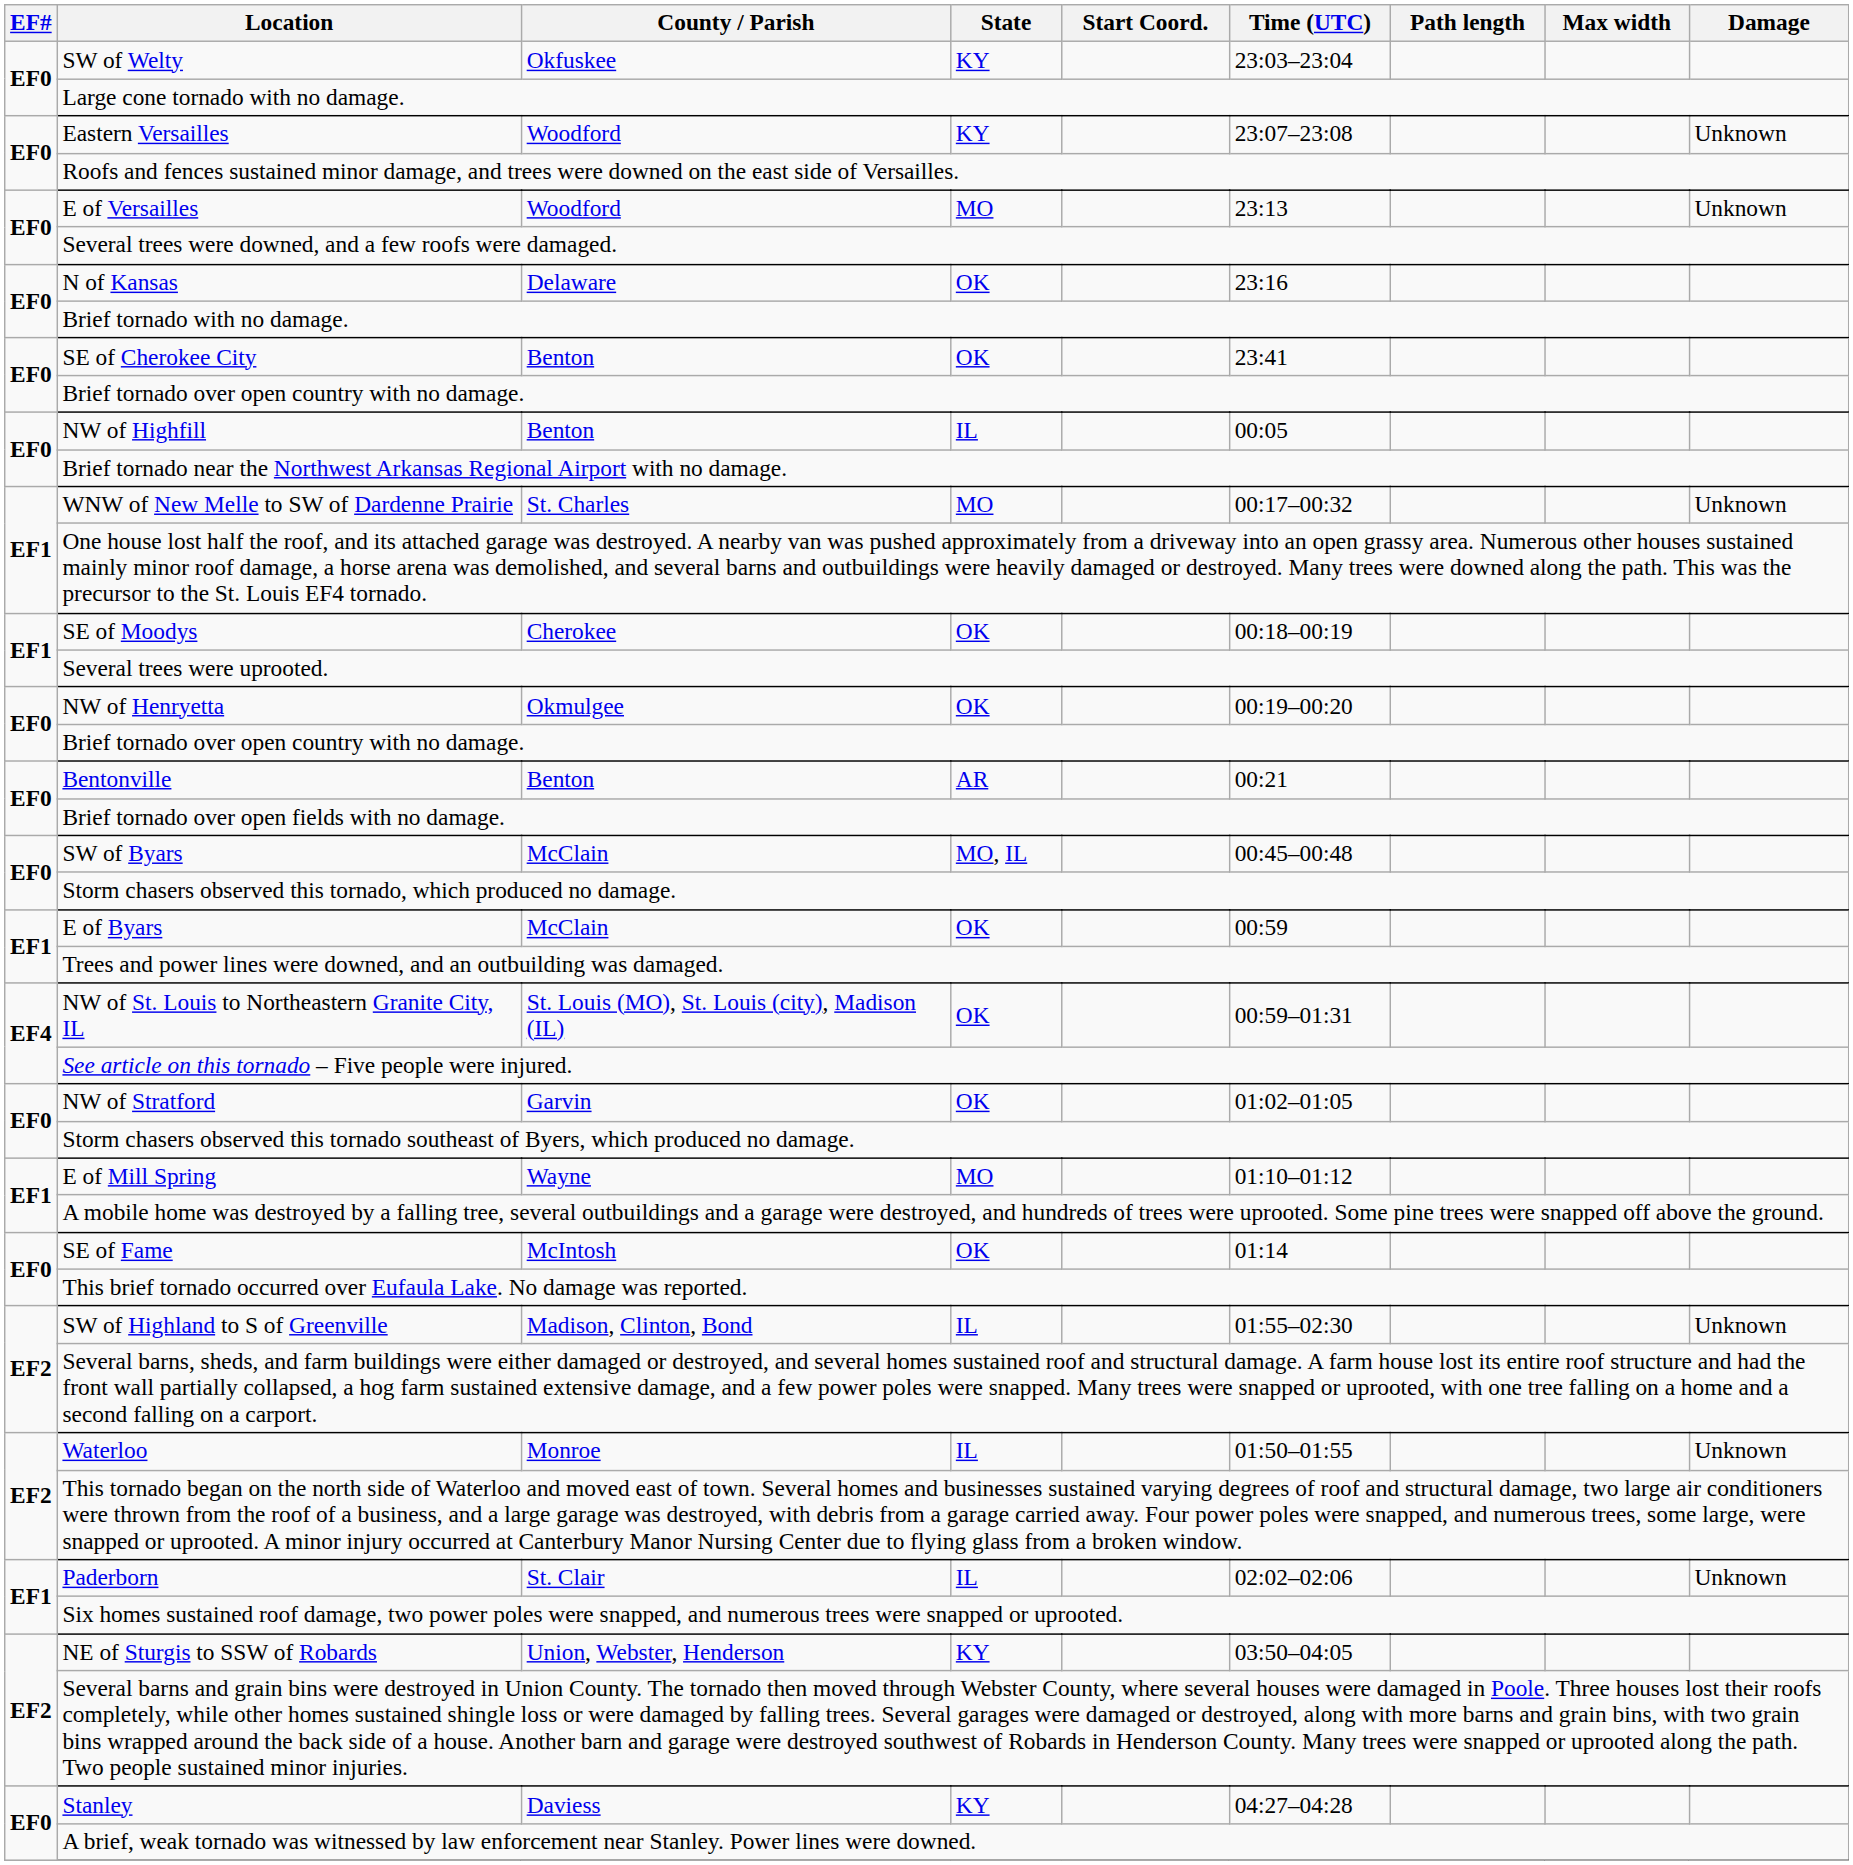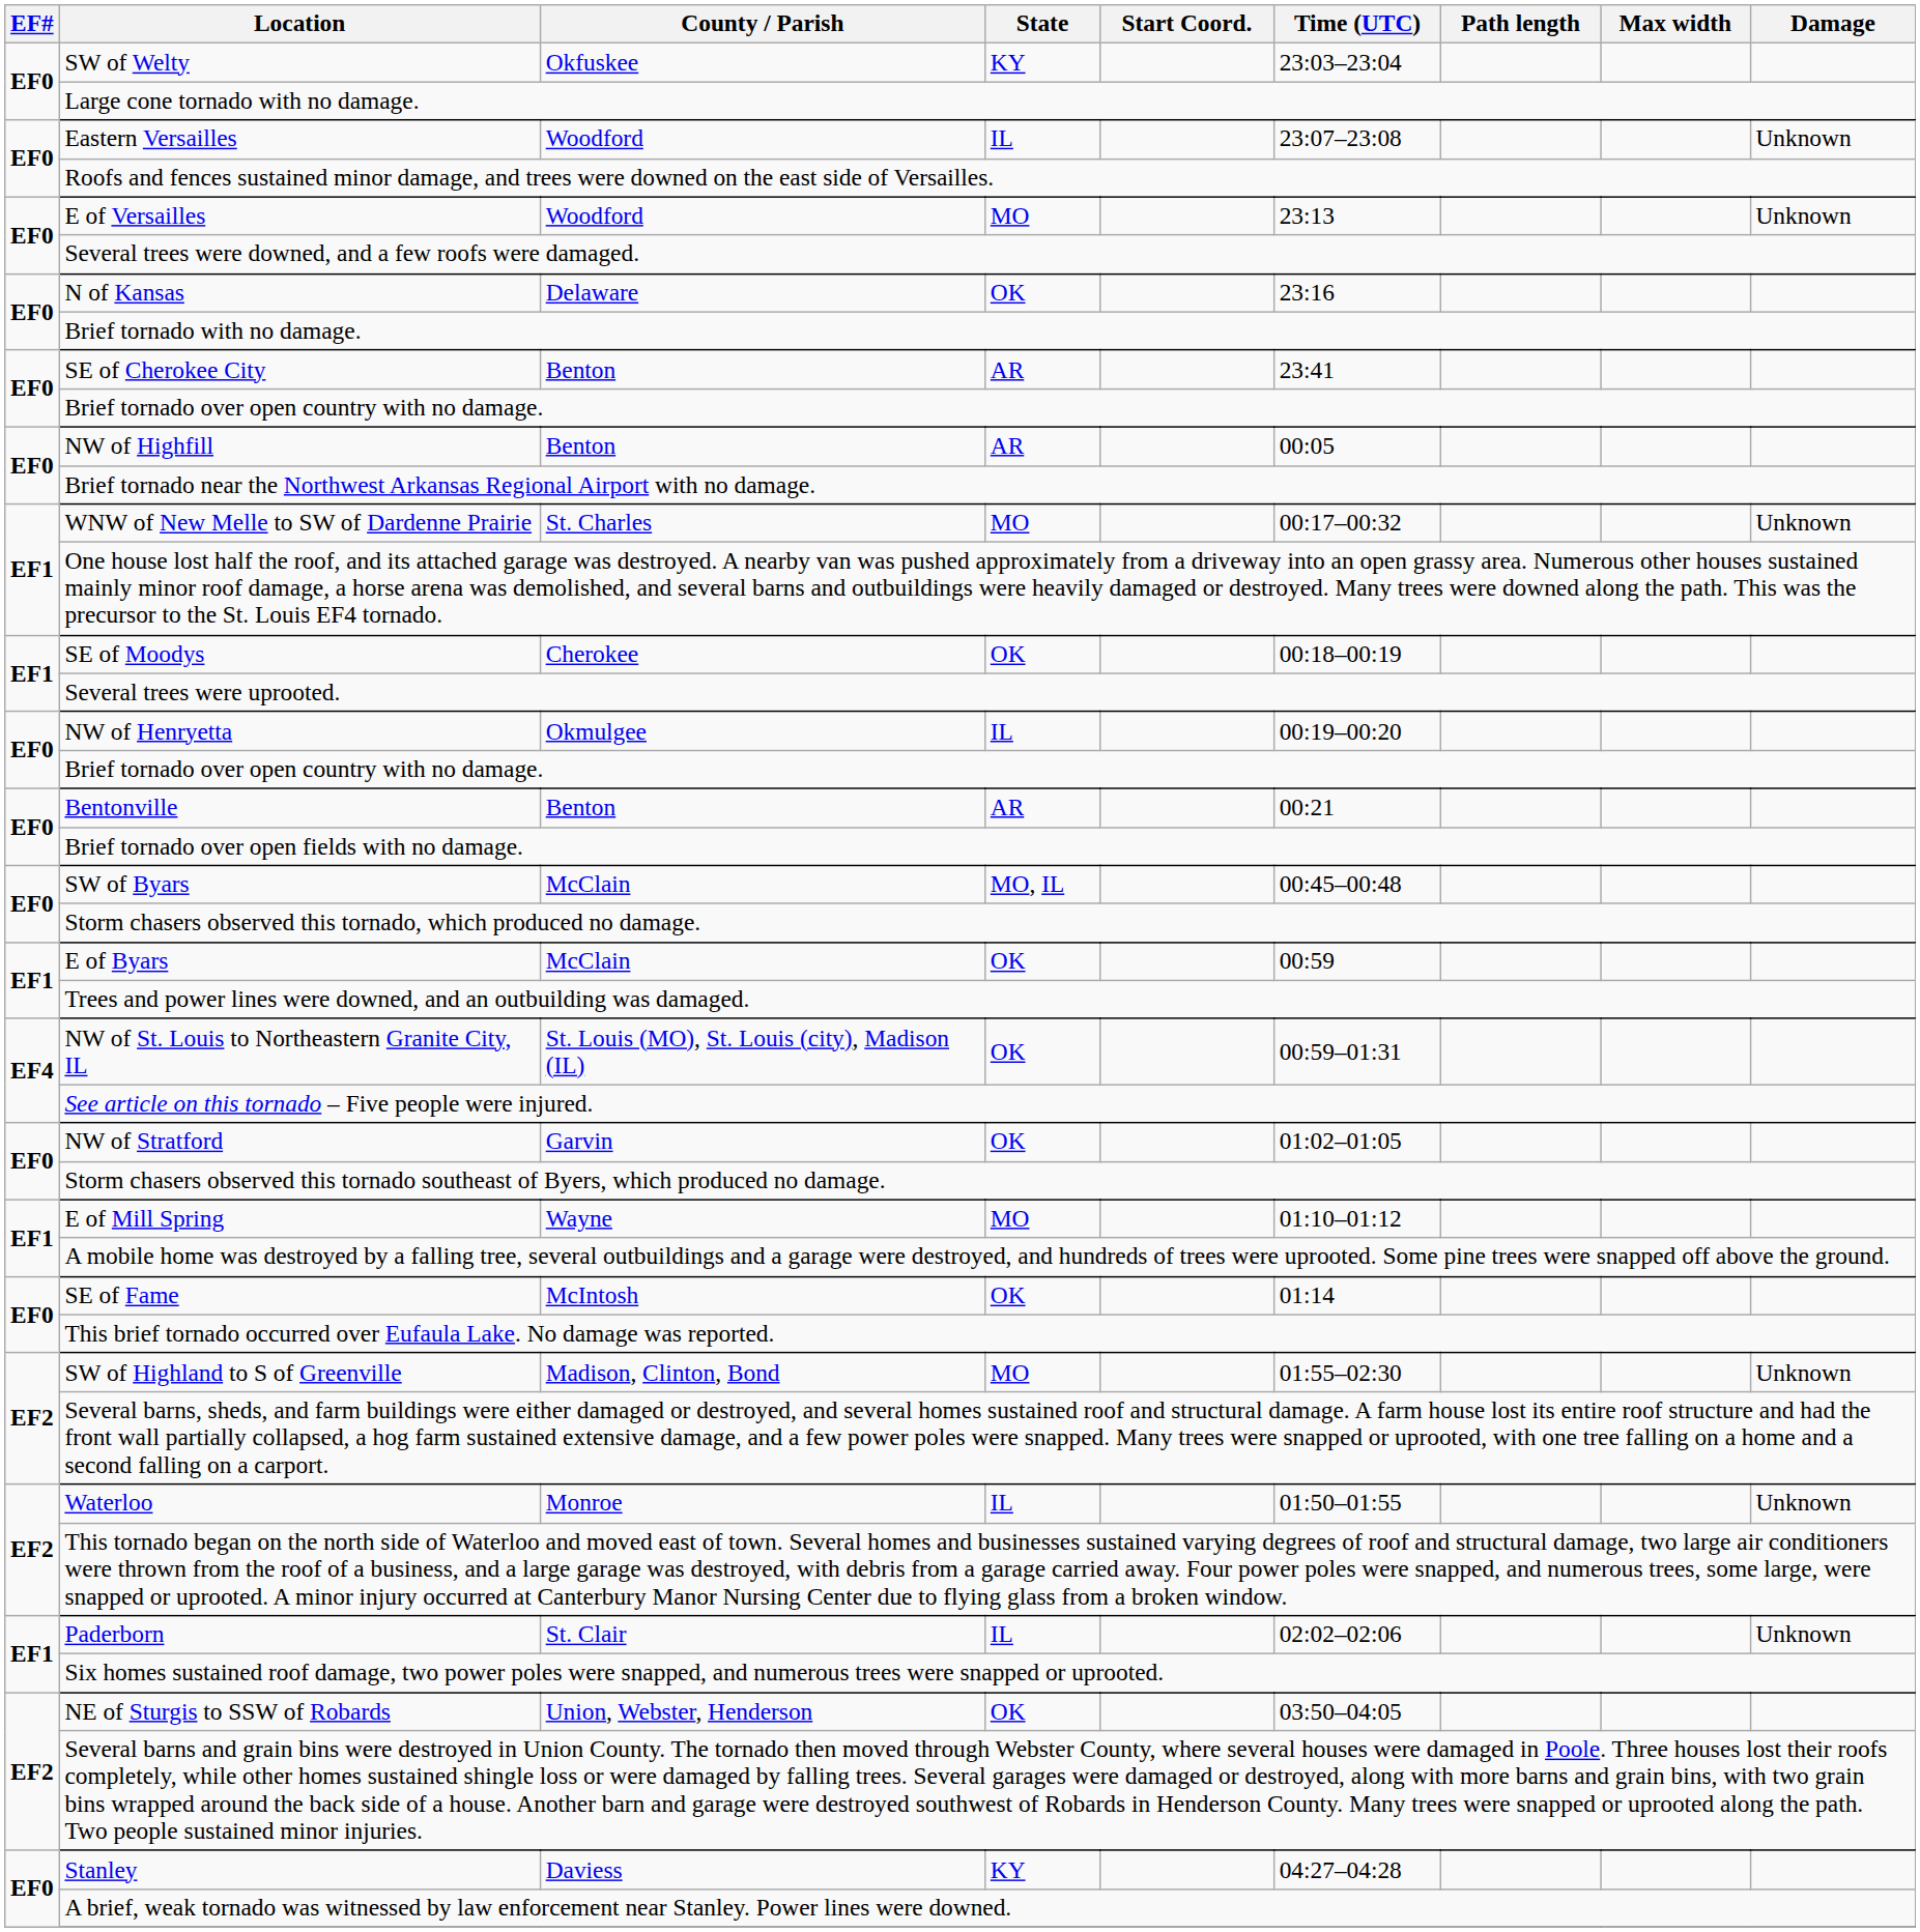 <table class="wikitable sortable" style="width:100%;">
 <tr>
 <th scope="col" width="2%" align="center"><a href='#'>EF#</a></th>
 <th scope="col" align="center" class="unsortable">Location</th>
 <th scope="col" align="center" class="unsortable">County / Parish</th>
 <th scope="col" align="center">State</th>
 <th scope="col" align="center" data-sort-type="number">Start Coord.</th>
 <th scope="col" align="center" data-sort-type="number">Time (<a href='#'>UTC</a>)</th>
 <th scope="col" align="center" data-sort-type="number">Path length</th>
 <th scope="col" align="center" data-sort-type="number">Max width</th>
 <th scope="col" align="center" data-sort-type="number">Damage<br></th>
 </tr>
 <tr>
 <td rowspan="2" align="center"><strong>EF0</strong></td>
 <td>SW of <a href='#'>Welty</a></td>
 <td><a href='#'>Okfuskee</a></td>
 <td><a href='#'>KY</a></td>
 <td></td>
 <td>23:03–23:04</td>
 <td></td>
 <td></td>
 <td></td>
 </tr>
 <tr class="expand-child">
 <td colspan="8" style=" border-bottom: 1px solid black;">Large cone tornado with no damage.</td>
 </tr>
 <tr>
 <td rowspan="2" align="center"><strong>EF0</strong></td>
 <td>Eastern <a href='#'>Versailles</a></td>
 <td><a href='#'>Woodford</a></td>
-<td><a href='#'>KY</a></td>
+<td><a href='#'>IL</a></td>
 <td></td>
 <td>23:07–23:08</td>
 <td></td>
 <td></td>
 <td>Unknown</td>
 </tr>
 <tr class="expand-child">
 <td colspan="8" style=" border-bottom: 1px solid black;">Roofs and fences sustained minor damage, and trees were downed on the east side of Versailles.</td>
 </tr>
 <tr>
 <td rowspan="2" align="center"><strong>EF0</strong></td>
 <td>E of <a href='#'>Versailles</a></td>
 <td><a href='#'>Woodford</a></td>
 <td><a href='#'>MO</a></td>
 <td></td>
 <td>23:13</td>
 <td></td>
 <td></td>
 <td>Unknown</td>
 </tr>
 <tr class="expand-child">
 <td colspan="8" style=" border-bottom: 1px solid black;">Several trees were downed, and a few roofs were damaged.</td>
 </tr>
 <tr>
 <td rowspan="2" align="center"><strong>EF0</strong></td>
 <td>N of <a href='#'>Kansas</a></td>
 <td><a href='#'>Delaware</a></td>
 <td><a href='#'>OK</a></td>
 <td></td>
 <td>23:16</td>
 <td></td>
 <td></td>
 <td></td>
 </tr>
 <tr class="expand-child">
 <td colspan="8" style=" border-bottom: 1px solid black;">Brief tornado with no damage.</td>
 </tr>
 <tr>
 <td rowspan="2" align="center"><strong>EF0</strong></td>
 <td>SE of <a href='#'>Cherokee City</a></td>
 <td><a href='#'>Benton</a></td>
-<td><a href='#'>OK</a></td>
+<td><a href='#'>AR</a></td>
 <td></td>
 <td>23:41</td>
 <td></td>
 <td></td>
 <td></td>
 </tr>
 <tr class="expand-child">
 <td colspan="8" style=" border-bottom: 1px solid black;">Brief tornado over open country with no damage.</td>
 </tr>
 <tr>
 <td rowspan="2" align="center"><strong>EF0</strong></td>
 <td>NW of <a href='#'>Highfill</a></td>
 <td><a href='#'>Benton</a></td>
-<td><a href='#'>IL</a></td>
+<td><a href='#'>AR</a></td>
 <td></td>
 <td>00:05</td>
 <td></td>
 <td></td>
 <td></td>
 </tr>
 <tr class="expand-child">
 <td colspan="8" style=" border-bottom: 1px solid black;">Brief tornado near the <a href='#'>Northwest Arkansas Regional Airport</a> with no damage.</td>
 </tr>
 <tr>
 <td rowspan="2" align="center"><strong>EF1</strong></td>
 <td>WNW of <a href='#'>New Melle</a> to SW of <a href='#'>Dardenne Prairie</a></td>
 <td><a href='#'>St. Charles</a></td>
 <td><a href='#'>MO</a></td>
 <td></td>
 <td>00:17–00:32</td>
 <td></td>
 <td></td>
 <td>Unknown</td>
 </tr>
 <tr class="expand-child">
 <td colspan="8" style=" border-bottom: 1px solid black;">One house lost half the roof, and its attached garage was destroyed. A nearby van was pushed approximately  from a driveway into an open grassy area. Numerous other houses sustained mainly minor roof damage, a horse arena was demolished, and several barns and outbuildings were heavily damaged or destroyed. Many trees were downed along the path. This was the precursor to the St. Louis EF4 tornado.</td>
 </tr>
 <tr>
 <td rowspan="2" align="center"><strong>EF1</strong></td>
 <td>SE of <a href='#'>Moodys</a></td>
 <td><a href='#'>Cherokee</a></td>
 <td><a href='#'>OK</a></td>
 <td></td>
 <td>00:18–00:19</td>
 <td></td>
 <td></td>
 <td></td>
 </tr>
 <tr class="expand-child">
 <td colspan="8" style=" border-bottom: 1px solid black;">Several trees were uprooted.</td>
 </tr>
 <tr>
 <td rowspan="2" align="center"><strong>EF0</strong></td>
 <td>NW of <a href='#'>Henryetta</a></td>
 <td><a href='#'>Okmulgee</a></td>
-<td><a href='#'>OK</a></td>
+<td><a href='#'>IL</a></td>
 <td></td>
 <td>00:19–00:20</td>
 <td></td>
 <td></td>
 <td></td>
 </tr>
 <tr class="expand-child">
 <td colspan="8" style=" border-bottom: 1px solid black;">Brief tornado over open country with no damage.</td>
 </tr>
 <tr>
 <td rowspan="2" align="center"><strong>EF0</strong></td>
 <td><a href='#'>Bentonville</a></td>
 <td><a href='#'>Benton</a></td>
 <td><a href='#'>AR</a></td>
 <td></td>
 <td>00:21</td>
 <td></td>
 <td></td>
 <td></td>
 </tr>
 <tr class="expand-child">
 <td colspan="8" style=" border-bottom: 1px solid black;">Brief tornado over open fields with no damage.</td>
 </tr>
 <tr>
 <td rowspan="2" align="center"><strong>EF0</strong></td>
 <td>SW of <a href='#'>Byars</a></td>
 <td><a href='#'>McClain</a></td>
 <td><a href='#'>MO</a>, <a href='#'>IL</a></td>
 <td></td>
 <td>00:45–00:48</td>
 <td></td>
 <td></td>
 <td></td>
 </tr>
 <tr class="expand-child">
 <td colspan="8" style=" border-bottom: 1px solid black;">Storm chasers observed this tornado, which produced no damage.</td>
 </tr>
 <tr>
 <td rowspan="2" align="center"><strong>EF1</strong></td>
 <td>E of <a href='#'>Byars</a></td>
 <td><a href='#'>McClain</a></td>
 <td><a href='#'>OK</a></td>
 <td></td>
 <td>00:59</td>
 <td></td>
 <td></td>
 <td></td>
 </tr>
 <tr class="expand-child">
 <td colspan="8" style=" border-bottom: 1px solid black;">Trees and power lines were downed, and an outbuilding was damaged.</td>
 </tr>
 <tr>
 <td rowspan="2" align="center"><strong>EF4</strong></td>
 <td>NW of <a href='#'>St. Louis</a> to Northeastern <a href='#'>Granite City, IL</a></td>
 <td><a href='#'>St. Louis (MO)</a>, <a href='#'>St. Louis (city)</a>, <a href='#'>Madison (IL)</a></td>
 <td><a href='#'>OK</a></td>
 <td></td>
 <td>00:59–01:31</td>
 <td></td>
 <td></td>
 <td></td>
 </tr>
 <tr class="expand-child">
 <td colspan="8" style=" border-bottom: 1px solid black;"><em><a href='#'>See article on this tornado</a></em> – Five people were injured.</td>
 </tr>
 <tr>
 <td rowspan="2" align="center"><strong>EF0</strong></td>
 <td>NW of <a href='#'>Stratford</a></td>
 <td><a href='#'>Garvin</a></td>
 <td><a href='#'>OK</a></td>
 <td></td>
 <td>01:02–01:05</td>
 <td></td>
 <td></td>
 <td></td>
 </tr>
 <tr class="expand-child">
 <td colspan="8" style=" border-bottom: 1px solid black;">Storm chasers observed this tornado southeast of Byers, which produced no damage.</td>
 </tr>
 <tr>
 <td rowspan="2" align="center"><strong>EF1</strong></td>
 <td>E of <a href='#'>Mill Spring</a></td>
 <td><a href='#'>Wayne</a></td>
 <td><a href='#'>MO</a></td>
 <td></td>
 <td>01:10–01:12</td>
 <td></td>
 <td></td>
 <td></td>
 </tr>
 <tr class="expand-child">
 <td colspan="8" style=" border-bottom: 1px solid black;">A mobile home was destroyed by a falling tree, several outbuildings and a garage were destroyed, and hundreds of trees were uprooted. Some pine trees were snapped off  above the ground.</td>
 </tr>
 <tr>
 <td rowspan="2" align="center"><strong>EF0</strong></td>
 <td>SE of <a href='#'>Fame</a></td>
 <td><a href='#'>McIntosh</a></td>
 <td><a href='#'>OK</a></td>
 <td></td>
 <td>01:14</td>
 <td></td>
 <td></td>
 <td></td>
 </tr>
 <tr class="expand-child">
 <td colspan="8" style=" border-bottom: 1px solid black;">This brief tornado occurred over <a href='#'>Eufaula Lake</a>. No damage was reported.</td>
 </tr>
 <tr>
 <td rowspan="2" align="center"><strong>EF2</strong></td>
 <td>SW of <a href='#'>Highland</a> to S of <a href='#'>Greenville</a></td>
 <td><a href='#'>Madison</a>, <a href='#'>Clinton</a>, <a href='#'>Bond</a></td>
-<td><a href='#'>IL</a></td>
+<td><a href='#'>MO</a></td>
 <td></td>
 <td>01:55–02:30</td>
 <td></td>
 <td></td>
 <td>Unknown</td>
 </tr>
 <tr class="expand-child">
 <td colspan="8" style=" border-bottom: 1px solid black;">Several barns, sheds, and farm buildings were either damaged or destroyed, and several homes sustained roof and structural damage. A farm house lost its entire roof structure and had the front wall partially collapsed, a hog farm sustained extensive damage, and a few power poles were snapped. Many trees were snapped or uprooted, with one tree falling on a home and a second falling on a carport.</td>
 </tr>
 <tr>
 <td rowspan="2" align="center"><strong>EF2</strong></td>
 <td><a href='#'>Waterloo</a></td>
 <td><a href='#'>Monroe</a></td>
 <td><a href='#'>IL</a></td>
 <td></td>
 <td>01:50–01:55</td>
 <td></td>
 <td></td>
 <td>Unknown</td>
 </tr>
 <tr class="expand-child">
 <td colspan="8" style=" border-bottom: 1px solid black;">This tornado began on the north side of Waterloo and moved east of town. Several homes and businesses sustained varying degrees of roof and structural damage, two large air conditioners were thrown  from the roof of a business, and a large garage was destroyed, with debris from a garage carried  away. Four power poles were snapped, and numerous trees, some large, were snapped or uprooted. A minor injury occurred at Canterbury Manor Nursing Center due to flying glass from a broken window.</td>
 </tr>
 <tr>
 <td rowspan="2" align="center"><strong>EF1</strong></td>
 <td><a href='#'>Paderborn</a></td>
 <td><a href='#'>St. Clair</a></td>
 <td><a href='#'>IL</a></td>
 <td></td>
 <td>02:02–02:06</td>
 <td></td>
 <td></td>
 <td>Unknown</td>
 </tr>
 <tr class="expand-child">
 <td colspan="8" style=" border-bottom: 1px solid black;">Six homes sustained roof damage, two power poles were snapped, and numerous trees were snapped or uprooted.</td>
 </tr>
 <tr>
 <td rowspan="2" align="center"><strong>EF2</strong></td>
 <td>NE of <a href='#'>Sturgis</a> to SSW of <a href='#'>Robards</a></td>
 <td><a href='#'>Union</a>, <a href='#'>Webster</a>, <a href='#'>Henderson</a></td>
-<td><a href='#'>KY</a></td>
+<td><a href='#'>OK</a></td>
 <td></td>
 <td>03:50–04:05</td>
 <td></td>
 <td></td>
 <td></td>
 </tr>
 <tr class="expand-child">
 <td colspan="8" style=" border-bottom: 1px solid black;">Several barns and grain bins were destroyed in Union County. The tornado then moved through Webster County, where several houses were damaged in <a href='#'>Poole</a>. Three houses lost their roofs completely, while other homes sustained shingle loss or were damaged by falling trees. Several garages were damaged or destroyed, along with more barns and grain bins, with two grain bins wrapped around the back side of a house. Another barn and garage were destroyed southwest of Robards in Henderson County. Many trees were snapped or uprooted along the path. Two people sustained minor injuries.</td>
 </tr>
 <tr>
 <td rowspan="2" align="center"><strong>EF0</strong></td>
 <td><a href='#'>Stanley</a></td>
 <td><a href='#'>Daviess</a></td>
 <td><a href='#'>KY</a></td>
 <td></td>
 <td>04:27–04:28</td>
 <td></td>
 <td></td>
 <td></td>
 </tr>
 <tr class="expand-child">
 <td colspan="8" style=" border-bottom: 1px solid black;">A brief, weak tornado was witnessed by law enforcement near Stanley. Power lines were downed.</td>
 </tr>
 <tr>
 </tr>
 </table>
